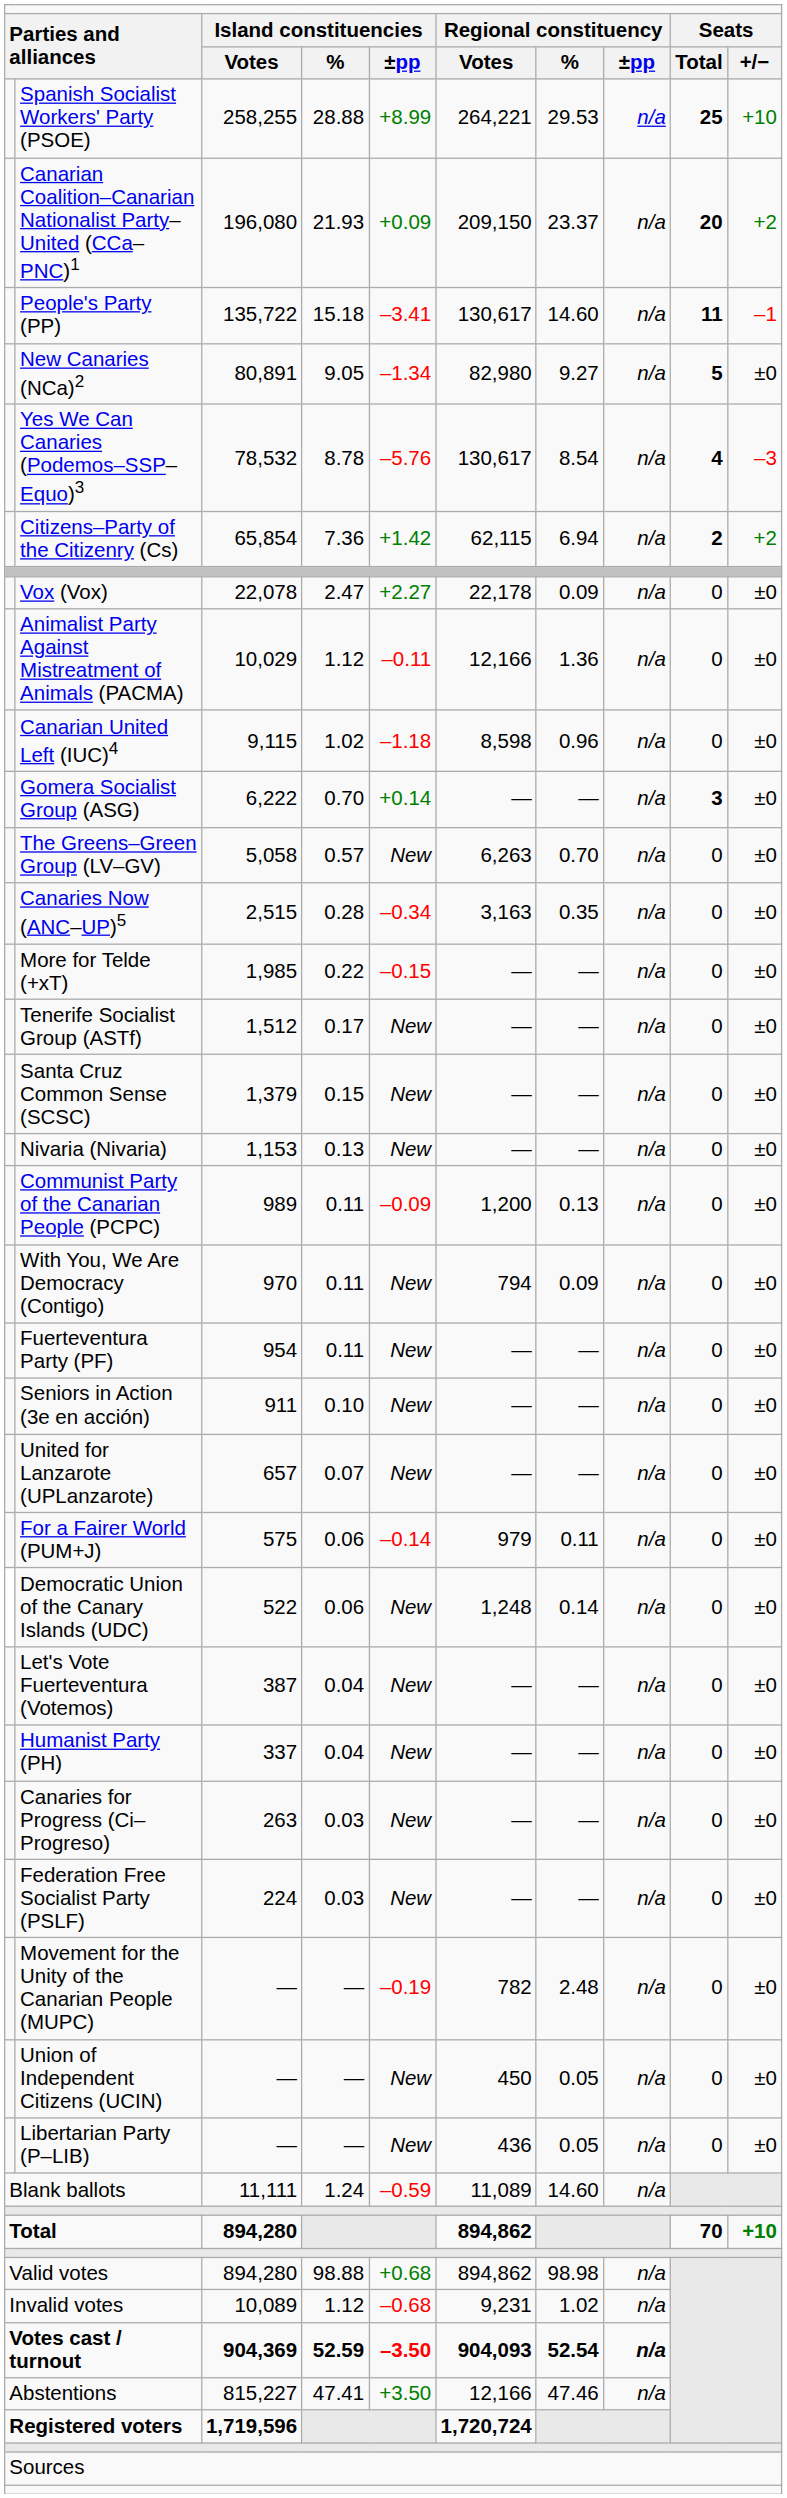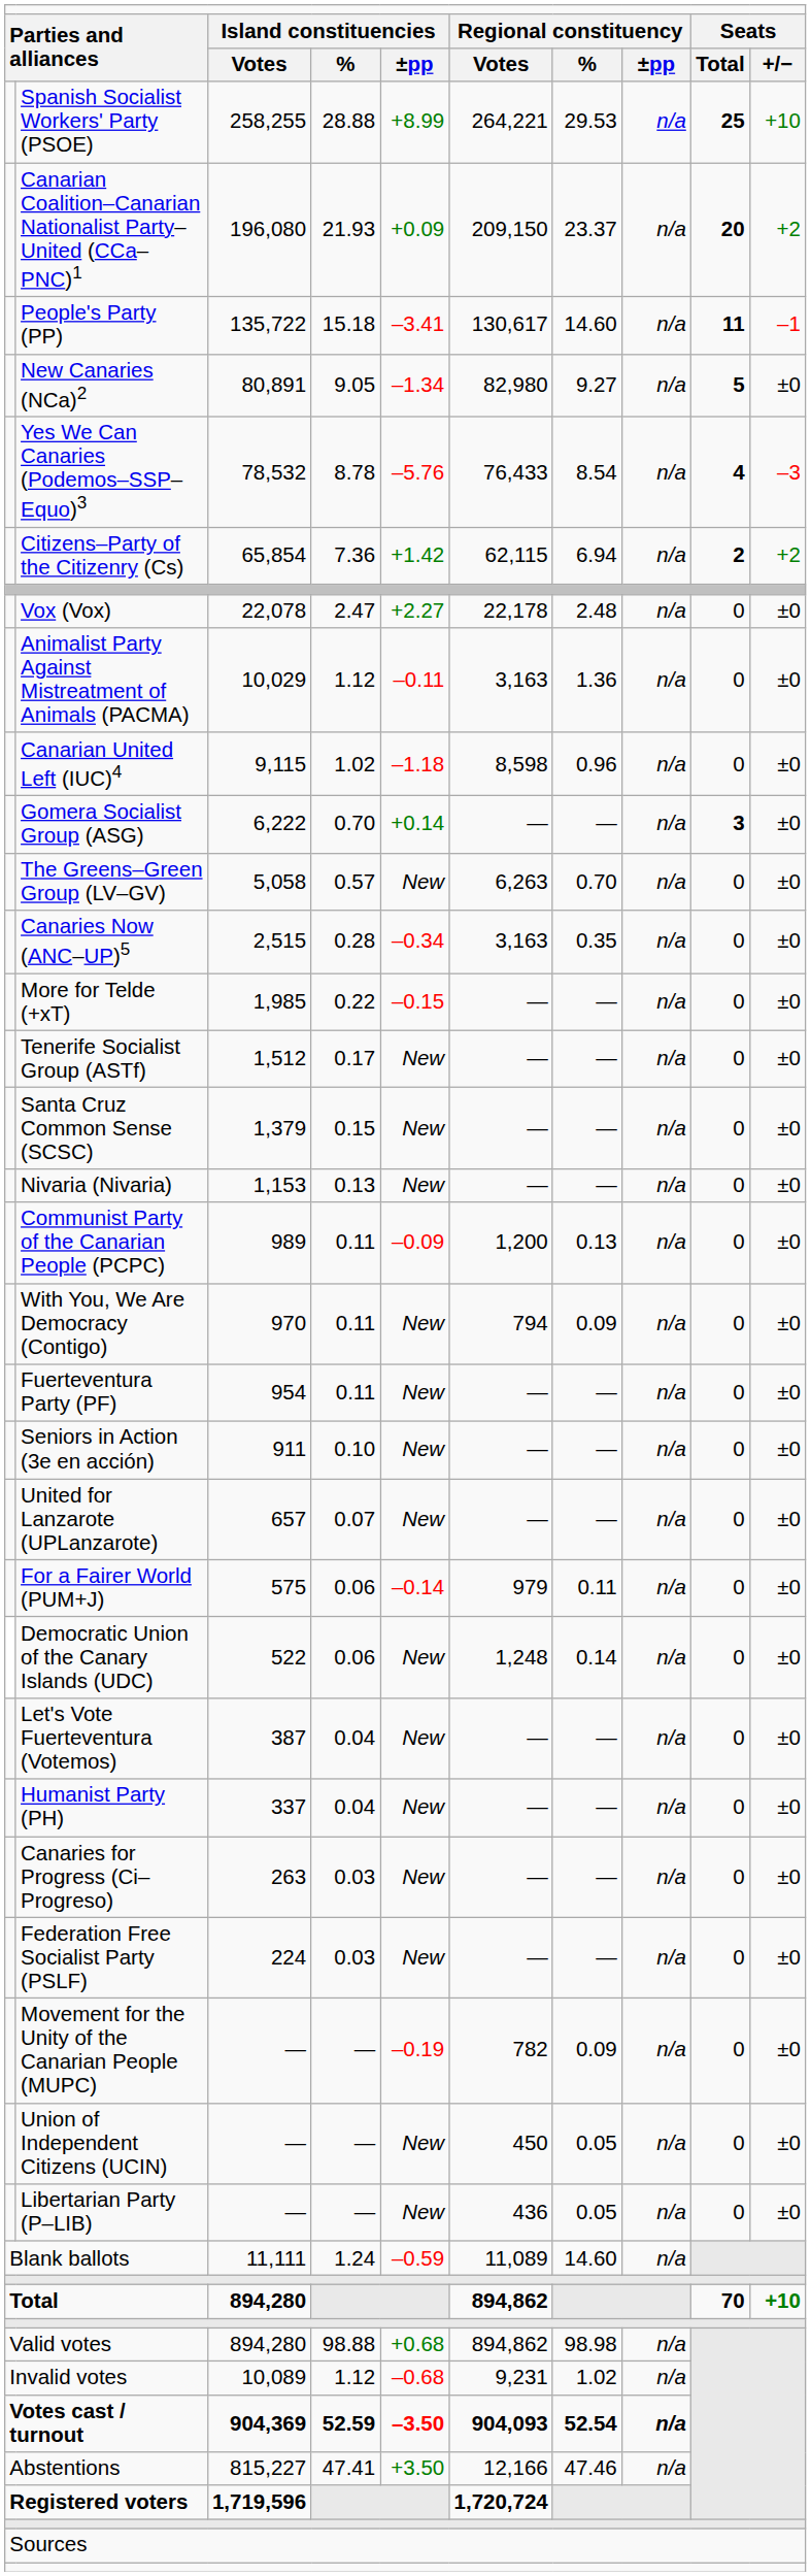 <table class="wikitable" style="text-align:right;">
 <tr>
 <td colspan="10"></td>
 </tr>
 <tr>
 <th style="text-align:left;" rowspan="2" colspan="2" width="500">Parties and alliances</th>
 <th colspan="3">Island constituencies</th>
 <th colspan="3">Regional constituency</th>
 <th colspan="2">Seats</th>
 </tr>
 <tr>
 <th width="70">Votes</th>
 <th width="45">%</th>
 <th width="45">±<a href='#'>pp</a></th>
 <th width="70">Votes</th>
 <th width="45">%</th>
 <th width="45">±<a href='#'>pp</a></th>
 <th width="35">Total</th>
 <th width="35">+/−</th>
 </tr>
 <tr>
 <td width="1" style="color:inherit;background:"></td>
 <td align="left"><a href='#'>Spanish Socialist Workers' Party</a> (PSOE)</td>
 <td>258,255</td>
 <td>28.88</td>
 <td style="color:green;">+8.99</td>
 <td>264,221</td>
 <td>29.53</td>
 <td><em><a href='#'>n/a</a></em></td>
 <td><strong>25</strong></td>
 <td style="color:green;">+10</td>
 </tr>
 <tr>
 <td style="color:inherit;background:"></td>
 <td align="left"><a href='#'>Canarian Coalition–Canarian Nationalist Party</a>–<a href='#'>United</a> (<a href='#'>CCa</a>–<a href='#'>PNC</a>)<sup>1</sup></td>
 <td>196,080</td>
 <td>21.93</td>
 <td style="color:green;">+0.09</td>
 <td>209,150</td>
 <td>23.37</td>
 <td><em>n/a</em></td>
 <td><strong>20</strong></td>
 <td style="color:green;">+2</td>
 </tr>
 <tr>
 <td style="color:inherit;background:"></td>
 <td align="left"><a href='#'>People's Party</a> (PP)</td>
 <td>135,722</td>
 <td>15.18</td>
 <td style="color:red;">–3.41</td>
 <td>130,617</td>
 <td>14.60</td>
 <td><em>n/a</em></td>
 <td><strong>11</strong></td>
 <td style="color:red;">–1</td>
 </tr>
 <tr>
 <td style="color:inherit;background:"></td>
 <td align="left"><a href='#'>New Canaries</a> (NCa)<sup>2</sup></td>
 <td>80,891</td>
 <td>9.05</td>
 <td style="color:red;">–1.34</td>
 <td>82,980</td>
 <td>9.27</td>
 <td><em>n/a</em></td>
 <td><strong>5</strong></td>
 <td>±0</td>
 </tr>
 <tr>
 <td style="color:inherit;background:"></td>
 <td align="left"><a href='#'>Yes We Can Canaries</a> (<a href='#'>Podemos–SSP</a>–<a href='#'>Equo</a>)<sup>3</sup></td>
 <td>78,532</td>
 <td>8.78</td>
 <td style="color:red;">–5.76</td>
-<td>130,617</td>
+<td>76,433</td>
 <td>8.54</td>
 <td><em>n/a</em></td>
 <td><strong>4</strong></td>
 <td style="color:red;">–3</td>
 </tr>
 <tr>
 <td style="color:inherit;background:"></td>
 <td align="left"><a href='#'>Citizens–Party of the Citizenry</a> (Cs)</td>
 <td>65,854</td>
 <td>7.36</td>
 <td style="color:green;">+1.42</td>
 <td>62,115</td>
 <td>6.94</td>
 <td><em>n/a</em></td>
 <td><strong>2</strong></td>
 <td style="color:green;">+2</td>
 </tr>
 <tr>
 <td colspan="10" bgcolor="#C0C0C0"></td>
 </tr>
 <tr>
 <td style="color:inherit;background:"></td>
 <td align="left"><a href='#'>Vox</a> (Vox)</td>
 <td>22,078</td>
 <td>2.47</td>
 <td style="color:green;">+2.27</td>
 <td>22,178</td>
-<td>0.09</td>
+<td>2.48</td>
 <td><em>n/a</em></td>
 <td>0</td>
 <td>±0</td>
 </tr>
 <tr>
 <td style="color:inherit;background:"></td>
 <td align="left"><a href='#'>Animalist Party Against Mistreatment of Animals</a> (PACMA)</td>
 <td>10,029</td>
 <td>1.12</td>
 <td style="color:red;">–0.11</td>
-<td>12,166</td>
+<td>3,163</td>
 <td>1.36</td>
 <td><em>n/a</em></td>
 <td>0</td>
 <td>±0</td>
 </tr>
 <tr>
 <td style="color:inherit;background:"></td>
 <td align="left"><a href='#'>Canarian United Left</a> (IUC)<sup>4</sup></td>
 <td>9,115</td>
 <td>1.02</td>
 <td style="color:red;">–1.18</td>
 <td>8,598</td>
 <td>0.96</td>
 <td><em>n/a</em></td>
 <td>0</td>
 <td>±0</td>
 </tr>
 <tr>
 <td style="color:inherit;background:"></td>
 <td align="left"><a href='#'>Gomera Socialist Group</a> (ASG)</td>
 <td>6,222</td>
 <td>0.70</td>
 <td style="color:green;">+0.14</td>
 <td>—</td>
 <td>—</td>
 <td><em>n/a</em></td>
 <td><strong>3</strong></td>
 <td>±0</td>
 </tr>
 <tr>
 <td style="color:inherit;background:"></td>
 <td align="left"><a href='#'>The Greens–Green Group</a> (LV–GV)</td>
 <td>5,058</td>
 <td>0.57</td>
 <td><em>New</em></td>
 <td>6,263</td>
 <td>0.70</td>
 <td><em>n/a</em></td>
 <td>0</td>
 <td>±0</td>
 </tr>
 <tr>
 <td style="color:inherit;background:"></td>
 <td align="left"><a href='#'>Canaries Now</a> (<a href='#'>ANC</a>–<a href='#'>UP</a>)<sup>5</sup></td>
 <td>2,515</td>
 <td>0.28</td>
 <td style="color:red;">–0.34</td>
 <td>3,163</td>
 <td>0.35</td>
 <td><em>n/a</em></td>
 <td>0</td>
 <td>±0</td>
 </tr>
 <tr>
 <td style="color:inherit;background:"></td>
 <td align="left">More for Telde (+xT)</td>
 <td>1,985</td>
 <td>0.22</td>
 <td style="color:red;">–0.15</td>
 <td>—</td>
 <td>—</td>
 <td><em>n/a</em></td>
 <td>0</td>
 <td>±0</td>
 </tr>
 <tr>
 <td style="color:inherit;background:"></td>
 <td align="left">Tenerife Socialist Group (ASTf)</td>
 <td>1,512</td>
 <td>0.17</td>
 <td><em>New</em></td>
 <td>—</td>
 <td>—</td>
 <td><em>n/a</em></td>
 <td>0</td>
 <td>±0</td>
 </tr>
 <tr>
 <td style="color:inherit;background:"></td>
 <td align="left">Santa Cruz Common Sense (SCSC)</td>
 <td>1,379</td>
 <td>0.15</td>
 <td><em>New</em></td>
 <td>—</td>
 <td>—</td>
 <td><em>n/a</em></td>
 <td>0</td>
 <td>±0</td>
 </tr>
 <tr>
 <td style="color:inherit;background:"></td>
 <td align="left">Nivaria (Nivaria)</td>
 <td>1,153</td>
 <td>0.13</td>
 <td><em>New</em></td>
 <td>—</td>
 <td>—</td>
 <td><em>n/a</em></td>
 <td>0</td>
 <td>±0</td>
 </tr>
 <tr>
 <td style="color:inherit;background:"></td>
 <td align="left"><a href='#'>Communist Party of the Canarian People</a> (PCPC)</td>
 <td>989</td>
 <td>0.11</td>
 <td style="color:red;">–0.09</td>
 <td>1,200</td>
 <td>0.13</td>
 <td><em>n/a</em></td>
 <td>0</td>
 <td>±0</td>
 </tr>
 <tr>
 <td style="color:inherit;background:"></td>
 <td align="left">With You, We Are Democracy (Contigo)</td>
 <td>970</td>
 <td>0.11</td>
 <td><em>New</em></td>
 <td>794</td>
 <td>0.09</td>
 <td><em>n/a</em></td>
 <td>0</td>
 <td>±0</td>
 </tr>
 <tr>
 <td style="color:inherit;background:"></td>
 <td align="left">Fuerteventura Party (PF)</td>
 <td>954</td>
 <td>0.11</td>
 <td><em>New</em></td>
 <td>—</td>
 <td>—</td>
 <td><em>n/a</em></td>
 <td>0</td>
 <td>±0</td>
 </tr>
 <tr>
 <td style="color:inherit;background:"></td>
 <td align="left">Seniors in Action (3e en acción)</td>
 <td>911</td>
 <td>0.10</td>
 <td><em>New</em></td>
 <td>—</td>
 <td>—</td>
 <td><em>n/a</em></td>
 <td>0</td>
 <td>±0</td>
 </tr>
 <tr>
 <td style="color:inherit;background:"></td>
 <td align="left">United for Lanzarote (UPLanzarote)</td>
 <td>657</td>
 <td>0.07</td>
 <td><em>New</em></td>
 <td>—</td>
 <td>—</td>
 <td><em>n/a</em></td>
 <td>0</td>
 <td>±0</td>
 </tr>
 <tr>
 <td style="color:inherit;background:"></td>
 <td align="left"><a href='#'>For a Fairer World</a> (PUM+J)</td>
 <td>575</td>
 <td>0.06</td>
 <td style="color:red;">–0.14</td>
 <td>979</td>
 <td>0.11</td>
 <td><em>n/a</em></td>
 <td>0</td>
 <td>±0</td>
 </tr>
 <tr>
 <td bgcolor="white"></td>
 <td align="left">Democratic Union of the Canary Islands (UDC)</td>
 <td>522</td>
 <td>0.06</td>
 <td><em>New</em></td>
 <td>1,248</td>
 <td>0.14</td>
 <td><em>n/a</em></td>
 <td>0</td>
 <td>±0</td>
 </tr>
 <tr>
 <td style="color:inherit;background:"></td>
 <td align="left">Let's Vote Fuerteventura (Votemos)</td>
 <td>387</td>
 <td>0.04</td>
 <td><em>New</em></td>
 <td>—</td>
 <td>—</td>
 <td><em>n/a</em></td>
 <td>0</td>
 <td>±0</td>
 </tr>
 <tr>
 <td style="color:inherit;background:"></td>
 <td align="left"><a href='#'>Humanist Party</a> (PH)</td>
 <td>337</td>
 <td>0.04</td>
 <td><em>New</em></td>
 <td>—</td>
 <td>—</td>
 <td><em>n/a</em></td>
 <td>0</td>
 <td>±0</td>
 </tr>
 <tr>
 <td style="color:inherit;background:"></td>
 <td align="left">Canaries for Progress (Ci–Progreso)</td>
 <td>263</td>
 <td>0.03</td>
 <td><em>New</em></td>
 <td>—</td>
 <td>—</td>
 <td><em>n/a</em></td>
 <td>0</td>
 <td>±0</td>
 </tr>
 <tr>
 <td style="color:inherit;background:"></td>
 <td align="left">Federation Free Socialist Party (PSLF)</td>
 <td>224</td>
 <td>0.03</td>
 <td><em>New</em></td>
 <td>—</td>
 <td>—</td>
 <td><em>n/a</em></td>
 <td>0</td>
 <td>±0</td>
 </tr>
 <tr>
 <td style="color:inherit;background:"></td>
 <td align="left">Movement for the Unity of the Canarian People (MUPC)</td>
 <td>—</td>
 <td>—</td>
 <td style="color:red;">–0.19</td>
 <td>782</td>
-<td>2.48</td>
+<td>0.09</td>
 <td><em>n/a</em></td>
 <td>0</td>
 <td>±0</td>
 </tr>
 <tr>
 <td style="color:inherit;background:"></td>
 <td align="left">Union of Independent Citizens (UCIN)</td>
 <td>—</td>
 <td>—</td>
 <td><em>New</em></td>
 <td>450</td>
 <td>0.05</td>
 <td><em>n/a</em></td>
 <td>0</td>
 <td>±0</td>
 </tr>
 <tr>
 <td style="color:inherit;background:"></td>
 <td align="left">Libertarian Party (P–LIB)</td>
 <td>—</td>
 <td>—</td>
 <td><em>New</em></td>
 <td>436</td>
 <td>0.05</td>
 <td><em>n/a</em></td>
 <td>0</td>
 <td>±0</td>
 </tr>
 <tr>
 <td align="left" colspan="2">Blank ballots</td>
 <td>11,111</td>
 <td>1.24</td>
 <td style="color:red;">–0.59</td>
 <td>11,089</td>
 <td>14.60</td>
 <td><em>n/a</em></td>
 <td bgcolor="#E9E9E9" colspan="2"></td>
 </tr>
 <tr>
 <td colspan="10" bgcolor="#E9E9E9"></td>
 </tr>
 <tr style="font-weight:bold;">
 <td align="left" colspan="2">Total</td>
 <td>894,280</td>
 <td bgcolor="#E9E9E9" colspan="2"></td>
 <td>894,862</td>
 <td bgcolor="#E9E9E9" colspan="2"></td>
 <td>70</td>
 <td style="color:green;">+10</td>
 </tr>
 <tr>
 <td colspan="10" bgcolor="#E9E9E9"></td>
 </tr>
 <tr>
 <td align="left" colspan="2">Valid votes</td>
 <td>894,280</td>
 <td>98.88</td>
 <td style="color:green;">+0.68</td>
 <td>894,862</td>
 <td>98.98</td>
 <td><em>n/a</em></td>
 <td bgcolor="#E9E9E9" colspan="2" rowspan="5"></td>
 </tr>
 <tr>
 <td align="left" colspan="2">Invalid votes</td>
 <td>10,089</td>
 <td>1.12</td>
 <td style="color:red;">–0.68</td>
 <td>9,231</td>
 <td>1.02</td>
 <td><em>n/a</em></td>
 </tr>
 <tr style="font-weight:bold;">
 <td align="left" colspan="2">Votes cast / turnout</td>
 <td>904,369</td>
 <td>52.59</td>
 <td style="color:red;">–3.50</td>
 <td>904,093</td>
 <td>52.54</td>
 <td><em>n/a</em></td>
 </tr>
 <tr>
 <td align="left" colspan="2">Abstentions</td>
 <td>815,227</td>
 <td>47.41</td>
 <td style="color:green;">+3.50</td>
 <td>12,166</td>
 <td>47.46</td>
 <td><em>n/a</em></td>
 </tr>
 <tr style="font-weight:bold;">
 <td align="left" colspan="2">Registered voters</td>
 <td>1,719,596</td>
 <td bgcolor="#E9E9E9" colspan="2"></td>
 <td>1,720,724</td>
 <td bgcolor="#E9E9E9" colspan="2"></td>
 </tr>
 <tr>
 <td colspan="10" bgcolor="#E9E9E9"></td>
 </tr>
 <tr>
 <td align="left" colspan="10">Sources</td>
 </tr>
 <tr>
 <td colspan="10" style="text-align:left;font-size:95%;max-width:790px;"></td>
 </tr>
 </table>
